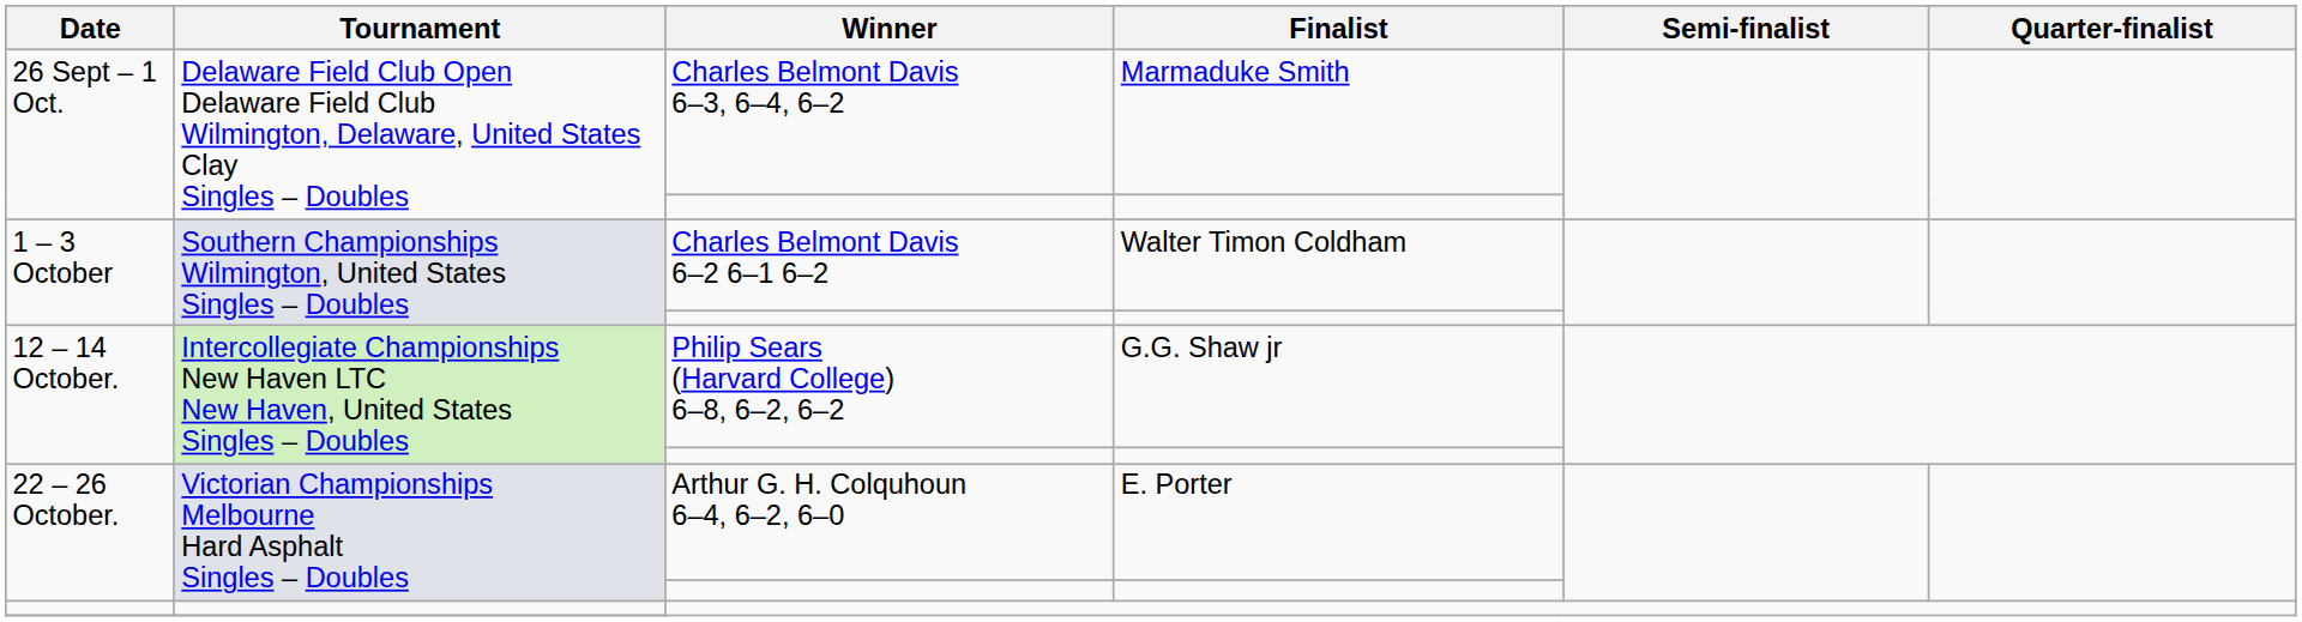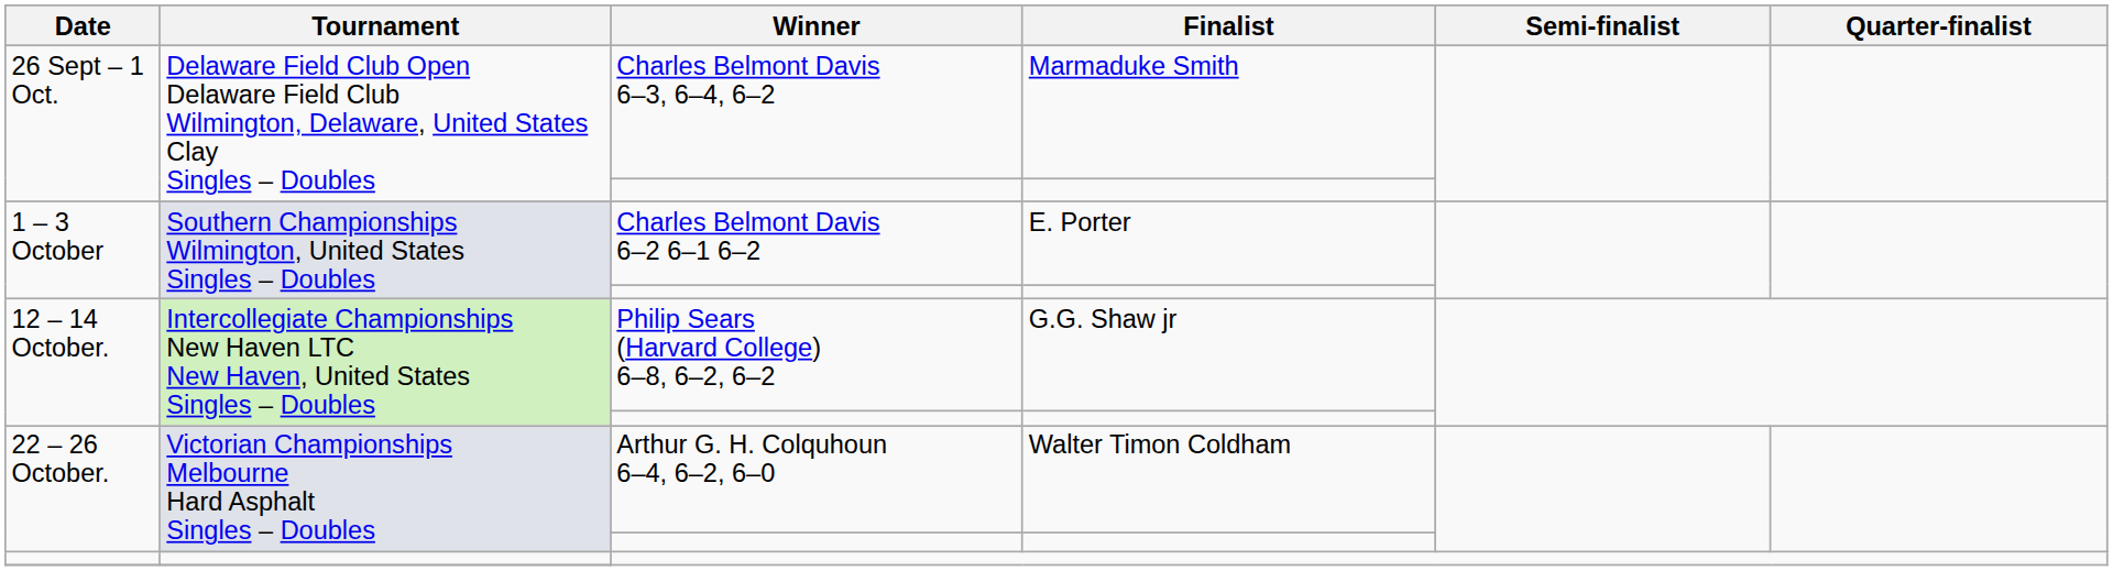 <table class="wikitable" style="font-size:85%;">
 <tr>
 <th width="75">Date</th>
 <th width="230">Tournament</th>
 <th width="210">Winner</th>
 <th width="210">Finalist</th>
 <th width="170">Semi-finalist</th>
 <th width="170">Quarter-finalist</th>
 </tr>
 <tr valign=top>
 <td rowspan=2>26 Sept – 1 Oct.</td>
 <td rowspan=2><a href='#'>Delaware Field Club Open</a><br>Delaware Field Club<br><a href='#'>Wilmington, Delaware</a>, <a href='#'>United States</a><br>Clay<br><a href='#'>Singles</a> – <a href='#'>Doubles</a></td>
 <td> <a href='#'>Charles Belmont Davis</a><br>6–3, 6–4, 6–2</td>
 <td> <a href='#'>Marmaduke Smith</a></td>
 <td rowspan=2></td>
 <td rowspan=2></td>
 </tr>
 <tr valign=top>
 <td></td>
 <td></td>
 </tr>
 <tr valign=top>
 <td rowspan=2>1 – 3 October</td>
 <td style="background:#dfe2e9" rowspan=2><a href='#'>Southern Championships</a><br> <a href='#'>Wilmington</a>, United States<br><a href='#'>Singles</a> – <a href='#'>Doubles</a></td>
 <td> <a href='#'>Charles Belmont Davis</a><br>6–2 6–1 6–2</td>
-<td>  Walter Timon Coldham</td>
+<td> E. Porter</td>
 <td rowspan=2></td>
 <td rowspan=2></td>
 </tr>
 <tr valign=top>
 <td></td>
 <td></td>
 </tr>
 <tr valign=top>
 <td rowspan=2>12 – 14 October.</td>
 <td style="background:#d0f0c0" rowspan=2><a href='#'>Intercollegiate Championships</a><br>New Haven LTC<br><a href='#'>New Haven</a>, United States<br><a href='#'>Singles</a> – <a href='#'>Doubles</a></td>
 <td> <a href='#'>Philip Sears</a><br>(<a href='#'>Harvard College</a>)<br>6–8, 6–2, 6–2</td>
 <td> G.G. Shaw jr</td>
 </tr>
 <tr valign=top>
 <td></td>
 <td></td>
 </tr>
 <tr valign=top>
 <td rowspan=2>22 – 26 October.</td>
 <td style="background:#dfe2e9" rowspan=2><a href='#'>Victorian Championships</a> <br> <a href='#'>Melbourne</a><br>Hard Asphalt<br><a href='#'>Singles</a> – <a href='#'>Doubles</a></td>
 <td> Arthur G. H. Colquhoun<br>6–4, 6–2, 6–0</td>
-<td> E. Porter</td>
+<td>  Walter Timon Coldham</td>
 <td rowspan=2></td>
 <td rowspan=2></td>
 </tr>
 <tr valign=top>
 <td></td>
 <td></td>
 </tr>
 <tr valign=top>
 <td></td>
 <td></td>
 </tr>
 <tr valign=top>
 </tr>
 </table>
